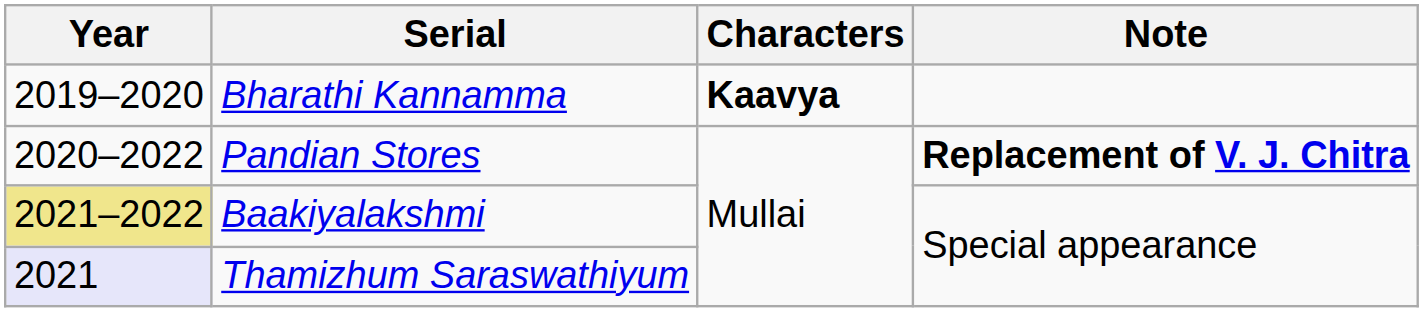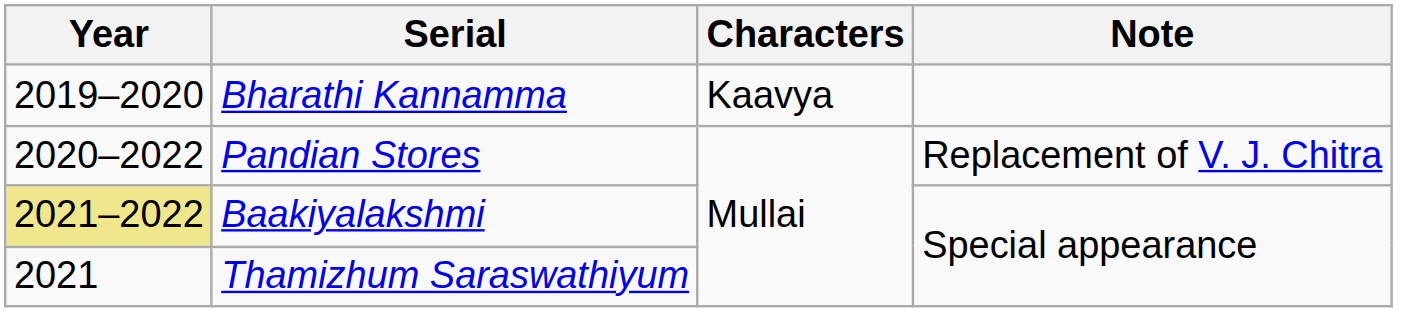 <table class="wikitable">
 <tr>
 <th>Year</th>
 <th>Serial</th>
 <th>Characters</th>
 <th>Note</th>
 </tr>
 <tr>
 <td>2019–2020</td>
 <td><em><a href='#'>Bharathi Kannamma</a></em></td>
-<td><strong>Kaavya</strong></td>
+<td>Kaavya</td>
 </tr>
 <tr>
 <td>2020–2022</td>
 <td><em><a href='#'>Pandian Stores</a></em></td>
 <td rowspan="3">Mullai</td>
-<td><strong>Replacement of <a href='#'>V. J. Chitra</a></strong></td>
+<td>Replacement of <a href='#'>V. J. Chitra</a></td>
 </tr>
 <tr>
 <td style="background: khaki;">2021–2022</td>
 <td><em><a href='#'>Baakiyalakshmi</a></em></td>
 <td rowspan="2">Special appearance</td>
 </tr>
 <tr>
-<td style="background: lavender;">2021</td>
+<td>2021</td>
 <td><em><a href='#'>Thamizhum Saraswathiyum</a></em></td>
 </tr>
 </table>
